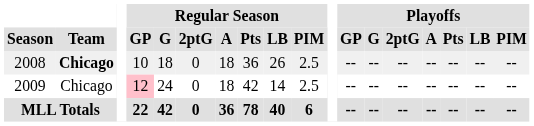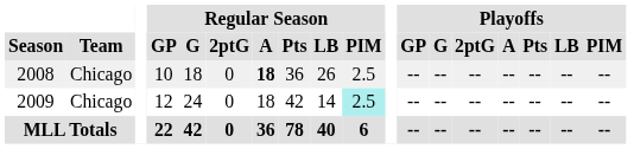 <table BORDER="0" CELLPADDING="3" CELLSPACING="0">
 <tr ALIGN="center" bgcolor="#e0e0e0">
 <th colspan="2" bgcolor="#ffffff"> </th>
 <th rowspan="99" bgcolor="#ffffff"> </th>
 <th colspan="7">Regular Season</th>
 <th rowspan="99" bgcolor="#ffffff"> </th>
 <th colspan="7">Playoffs</th>
 </tr>
 <tr ALIGN="center" bgcolor="#e0e0e0">
 <th>Season</th>
 <th>Team</th>
 <th>GP</th>
 <th>G</th>
 <th>2ptG</th>
 <th>A</th>
 <th>Pts</th>
 <th>LB</th>
 <th>PIM</th>
 <th>GP</th>
 <th>G</th>
 <th>2ptG</th>
 <th>A</th>
 <th>Pts</th>
 <th>LB</th>
 <th>PIM</th>
 </tr>
 <tr ALIGN="center" bgcolor="#f0f0f0">
 <td>2008</td>
-<td><strong>Chicago</strong></td>
+<td>Chicago</td>
 <td>10</td>
 <td>18</td>
 <td>0</td>
-<td>18</td>
+<td><strong>18</strong></td>
 <td>36</td>
 <td>26</td>
 <td>2.5</td>
 <td>--</td>
 <td>--</td>
 <td>--</td>
 <td>--</td>
 <td>--</td>
 <td>--</td>
 <td>--</td>
 </tr>
 <tr ALIGN="center">
 <td>2009</td>
 <td>Chicago</td>
-<td style="background: pink;">12</td>
+<td>12</td>
 <td>24</td>
 <td>0</td>
 <td>18</td>
 <td>42</td>
 <td>14</td>
-<td>2.5</td>
+<td style="background: paleturquoise;">2.5</td>
 <td>--</td>
 <td>--</td>
 <td>--</td>
 <td>--</td>
 <td>--</td>
 <td>--</td>
 <td>--</td>
 </tr>
 <tr |- ALIGN="center" bgcolor="#e0e0e0">
 <th colspan="2">MLL Totals</th>
 <th>22</th>
 <th>42</th>
 <th>0</th>
 <th>36</th>
 <th>78</th>
 <th>40</th>
 <th>6</th>
 <th>--</th>
 <th>--</th>
 <th>--</th>
 <th>--</th>
 <th>--</th>
 <th>--</th>
 <th>--</th>
 </tr>
 </table>
